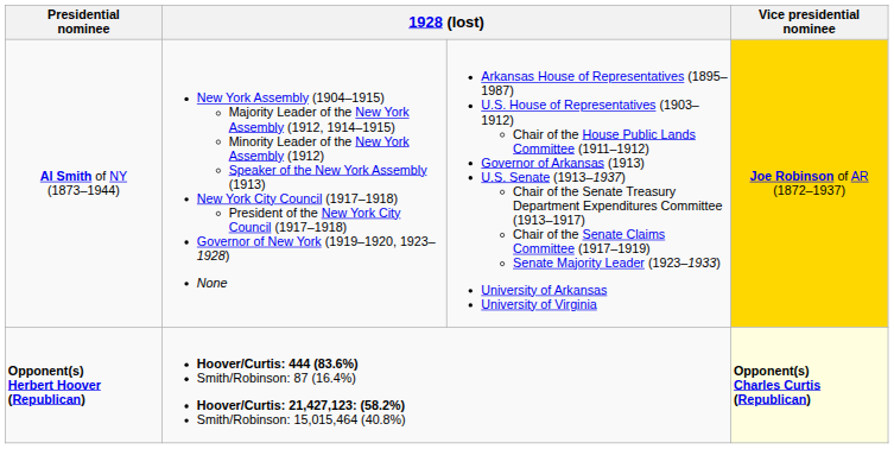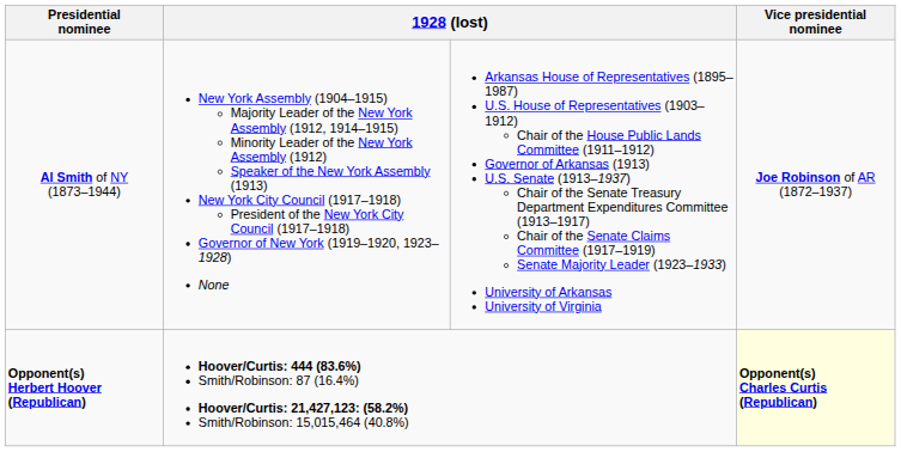 <table class="wikitable">
 <tr>
 <th width=190>Presidential<br>nominee</th>
 <th colspan=2><big><a href='#'>1928</a> (lost)</big></th>
 <th width=190>Vice presidential<br>nominee</th>
 </tr>
 <tr>
 <td style="text-align:center;"><strong><a href='#'>Al Smith</a></strong> of <a href='#'>NY</a><br>(1873–1944)<br></td>
 <td width=350><br><ul><li><a href='#'>New York Assembly</a> (1904–1915)<ul><li>Majority Leader of the <a href='#'>New York Assembly</a> (1912, 1914–1915)</li><li>Minority Leader of the <a href='#'>New York Assembly</a> (1912)</li><li><a href='#'>Speaker of the New York Assembly</a> (1913)</li></ul></li><li><a href='#'>New York City Council</a> (1917–1918)<ul><li>President of the <a href='#'>New York City Council</a> (1917–1918)</li></ul></li><li><a href='#'>Governor of New York</a> (1919–1920, 1923–<em>1928</em>)</li></ul><ul><li><em>None</em></li></ul></td>
 <td width=350><br><ul><li><a href='#'>Arkansas House of Representatives</a> (1895–1987)</li><li><a href='#'>U.S. House of Representatives</a> (1903–1912)<ul><li>Chair of the <a href='#'>House Public Lands Committee</a> (1911–1912)</li></ul></li><li><a href='#'>Governor of Arkansas</a> (1913)</li><li><a href='#'>U.S. Senate</a> (1913–<em>1937</em>)<ul><li>Chair of the Senate Treasury Department Expenditures Committee (1913–1917)</li><li>Chair of the <a href='#'>Senate Claims Committee</a> (1917–1919)</li><li><a href='#'>Senate Majority Leader</a> (1923–<em>1933</em>)</li></ul></li></ul><ul><li><a href='#'>University of Arkansas</a></li><li><a href='#'>University of Virginia</a></li></ul></td>
-<td style="background: gold; text-align:center;"><strong><a href='#'>Joe Robinson</a></strong> of <a href='#'>AR</a><br>(1872–1937)<br></td>
+<td style="text-align:center;"><strong><a href='#'>Joe Robinson</a></strong> of <a href='#'>AR</a><br>(1872–1937)<br></td>
 </tr>
 <tr>
 <td><strong>Opponent(s)</strong><br><strong><a href='#'>Herbert Hoover</a> (<a href='#'>Republican</a>)</strong></td>
 <td colspan=2><br><ul><li><strong>Hoover/Curtis: 444 (83.6%)</strong></li><li>Smith/Robinson: 87 (16.4%)</li></ul><ul><li><strong>Hoover/Curtis: 21,427,123: (58.2%)</strong></li><li>Smith/Robinson: 15,015,464 (40.8%)</li></ul></td>
 <td style="background: lightyellow;"><strong>Opponent(s)</strong><br><strong><a href='#'>Charles Curtis</a> (<a href='#'>Republican</a>)</strong></td>
 </tr>
 </table>
